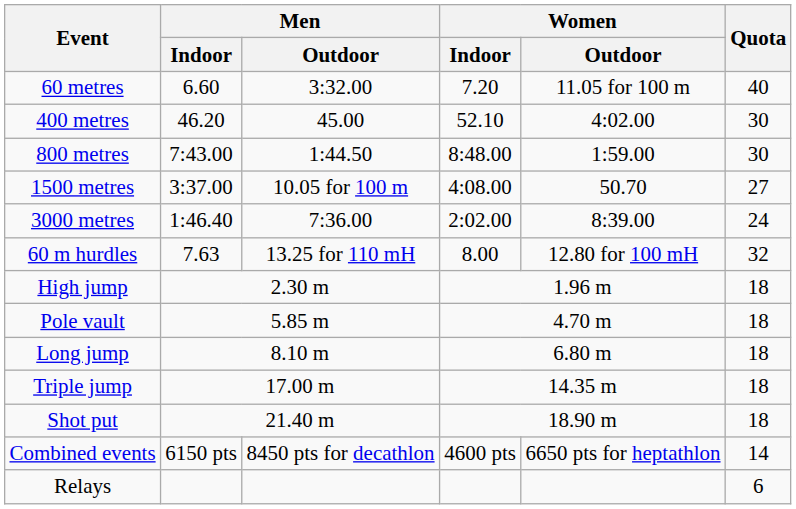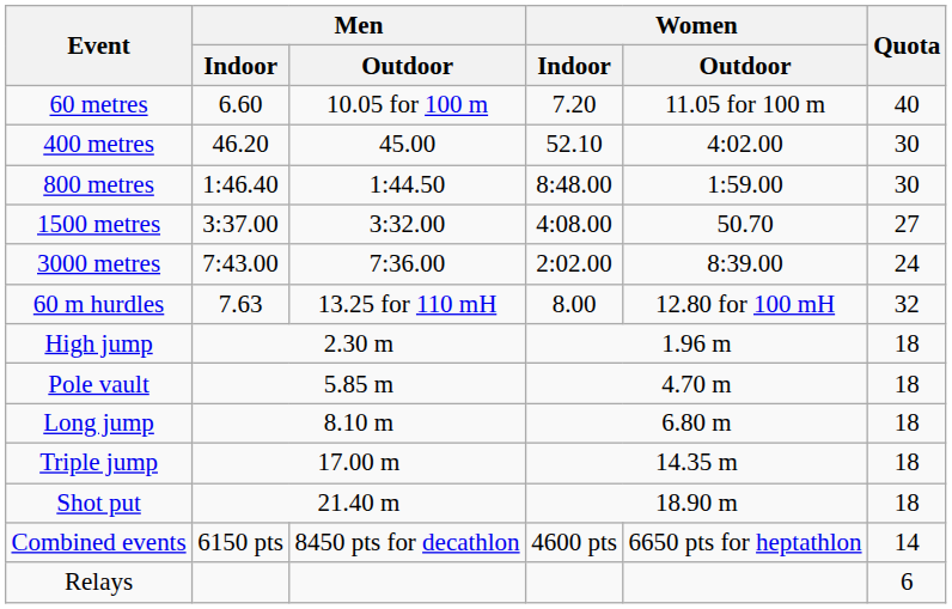 <table class="wikitable mw-datatable mw-collapsible" style="text-align:center;">
 <tr>
 <th rowspan="2">Event</th>
 <th colspan="2">Men</th>
 <th colspan="2">Women</th>
 <th rowspan="2">Quota</th>
 </tr>
 <tr>
 <th>Indoor</th>
 <th>Outdoor</th>
 <th>Indoor</th>
 <th>Outdoor</th>
 </tr>
 <tr>
 <td><a href='#'>60 metres</a></td>
 <td>6.60</td>
-<td>3:32.00</td>
+<td>10.05 for <a href='#'>100 m</a></td>
 <td>7.20</td>
 <td>11.05 for 100 m</td>
 <td align="center">40</td>
 </tr>
 <tr>
 <td><a href='#'>400 metres</a></td>
 <td>46.20</td>
 <td>45.00</td>
 <td>52.10</td>
 <td>4:02.00</td>
 <td align="center">30</td>
 </tr>
 <tr>
 <td><a href='#'>800 metres</a></td>
-<td>7:43.00</td>
+<td>1:46.40</td>
 <td>1:44.50</td>
 <td>8:48.00</td>
 <td>1:59.00</td>
 <td align="center">30</td>
 </tr>
 <tr>
 <td><a href='#'>1500 metres</a></td>
 <td>3:37.00</td>
-<td>10.05 for <a href='#'>100 m</a></td>
+<td>3:32.00</td>
 <td>4:08.00</td>
 <td>50.70</td>
 <td align="center">27</td>
 </tr>
 <tr>
 <td><a href='#'>3000 metres</a></td>
-<td>1:46.40</td>
+<td>7:43.00</td>
 <td>7:36.00</td>
 <td>2:02.00</td>
 <td>8:39.00</td>
 <td align="center">24</td>
 </tr>
 <tr>
 <td><a href='#'>60 m hurdles</a></td>
 <td>7.63</td>
 <td>13.25 for <a href='#'>110 mH</a></td>
 <td>8.00</td>
 <td>12.80 for <a href='#'>100 mH</a></td>
 <td align="center">32</td>
 </tr>
 <tr>
 <td><a href='#'>High jump</a></td>
 <td colspan="2">2.30 m</td>
 <td colspan="2">1.96 m</td>
 <td align="center">18</td>
 </tr>
 <tr>
 <td><a href='#'>Pole vault</a></td>
 <td colspan="2">5.85 m</td>
 <td colspan="2">4.70 m</td>
 <td align="center">18</td>
 </tr>
 <tr>
 <td><a href='#'>Long jump</a></td>
 <td colspan="2">8.10 m</td>
 <td colspan="2">6.80 m</td>
 <td align="center">18</td>
 </tr>
 <tr>
 <td><a href='#'>Triple jump</a></td>
 <td colspan="2">17.00 m</td>
 <td colspan="2">14.35 m</td>
 <td align="center">18</td>
 </tr>
 <tr>
 <td><a href='#'>Shot put</a></td>
 <td colspan="2">21.40 m</td>
 <td colspan="2">18.90 m</td>
 <td align="center">18</td>
 </tr>
 <tr>
 <td><a href='#'>Combined events</a></td>
 <td>6150 pts</td>
 <td>8450 pts for <a href='#'>decathlon</a></td>
 <td>4600 pts</td>
 <td>6650 pts for <a href='#'>heptathlon</a></td>
 <td align="center">14</td>
 </tr>
 <tr>
 <td>Relays</td>
 <td></td>
 <td></td>
 <td></td>
 <td></td>
 <td align="center">6</td>
 </tr>
 </table>
